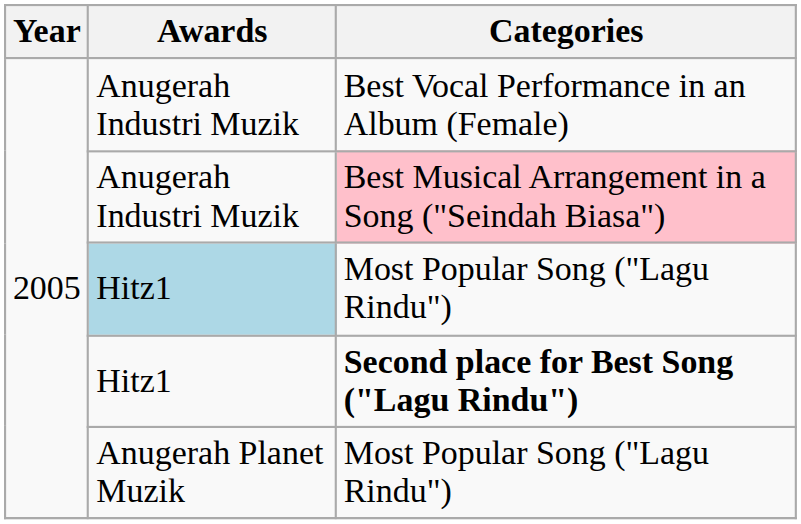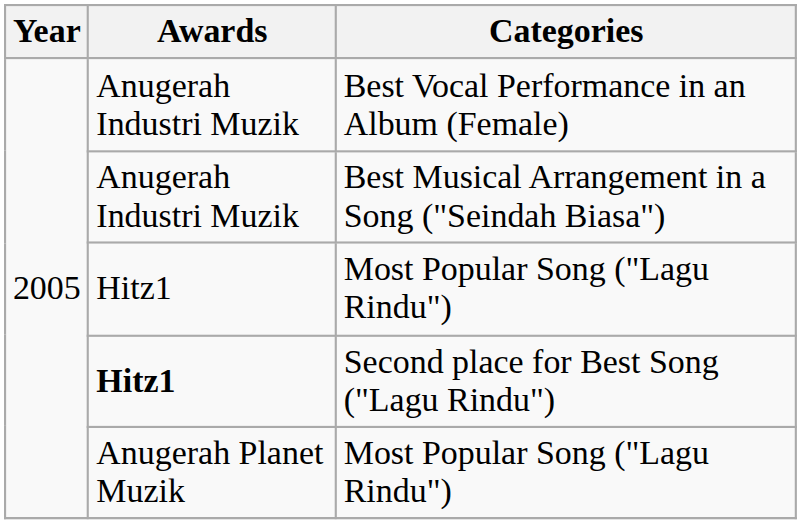 <table class="wikitable" width="60%">
 <tr>
 <th align="center">Year</th>
 <th align="center">Awards</th>
 <th align="center">Categories</th>
 </tr>
 <tr>
 <td rowspan="5">2005</td>
 <td align="left">Anugerah Industri Muzik</td>
 <td align="left">Best Vocal Performance in an Album (Female)</td>
 </tr>
 <tr>
 <td align="left">Anugerah Industri Muzik</td>
-<td align="left" style="background: pink;">Best Musical Arrangement in a Song ("Seindah Biasa")</td>
+<td align="left">Best Musical Arrangement in a Song ("Seindah Biasa")</td>
 </tr>
 <tr>
-<td align="left" style="background: lightblue;">Hitz1</td>
+<td align="left">Hitz1</td>
 <td align="left">Most Popular Song ("Lagu Rindu")</td>
 </tr>
 <tr>
-<td align="left">Hitz1</td>
-<td align="left"><strong>Second place for Best Song ("Lagu Rindu")</strong></td>
+<td align="left"><strong>Hitz1</strong></td>
+<td align="left">Second place for Best Song ("Lagu Rindu")</td>
 </tr>
 <tr>
 <td align="left">Anugerah Planet Muzik</td>
 <td align="left">Most Popular Song ("Lagu Rindu")</td>
 </tr>
 <tr>
 </tr>
 </table>
